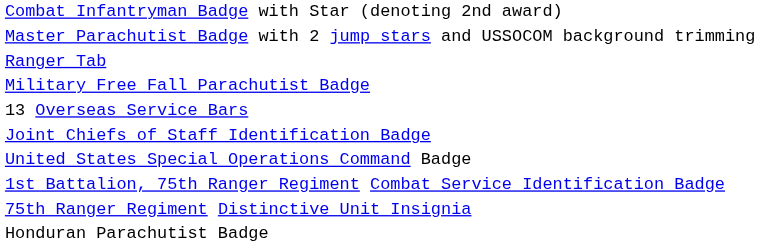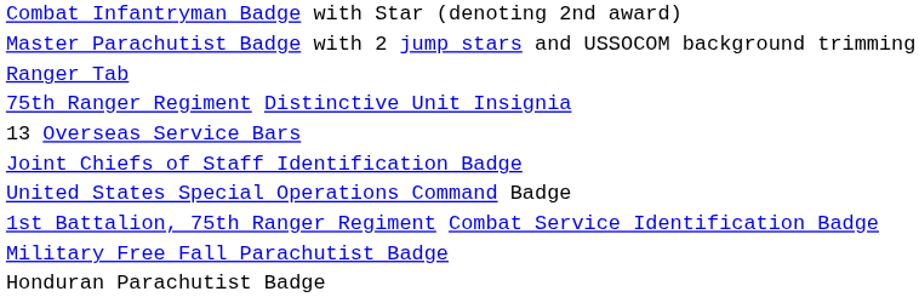 <table>
 <tr>
 <td> <a href='#'>Combat Infantryman Badge</a> with Star (denoting 2nd award)</td>
 </tr>
 <tr>
 <td> <a href='#'>Master Parachutist Badge</a> with 2 <a href='#'>jump stars</a> and  USSOCOM background trimming</td>
 </tr>
 <tr>
 <td> <a href='#'>Ranger Tab</a></td>
 </tr>
 <tr>
-<td> <a href='#'>Military Free Fall Parachutist Badge</a></td>
+<td> <a href='#'>75th Ranger Regiment</a> <a href='#'>Distinctive Unit Insignia</a></td>
 </tr>
 <tr>
 <td> 13 <a href='#'>Overseas Service Bars</a></td>
 </tr>
 <tr>
 <td> <a href='#'>Joint Chiefs of Staff Identification Badge</a></td>
 </tr>
 <tr>
 <td> <a href='#'>United States Special Operations Command</a> Badge</td>
 </tr>
 <tr>
 <td> <a href='#'>1st Battalion, 75th Ranger Regiment</a>  <a href='#'>Combat Service Identification Badge</a></td>
 </tr>
 <tr>
-<td> <a href='#'>75th Ranger Regiment</a> <a href='#'>Distinctive Unit Insignia</a></td>
+<td> <a href='#'>Military Free Fall Parachutist Badge</a></td>
 </tr>
 <tr>
 <td> Honduran Parachutist Badge</td>
 </tr>
 </table>
